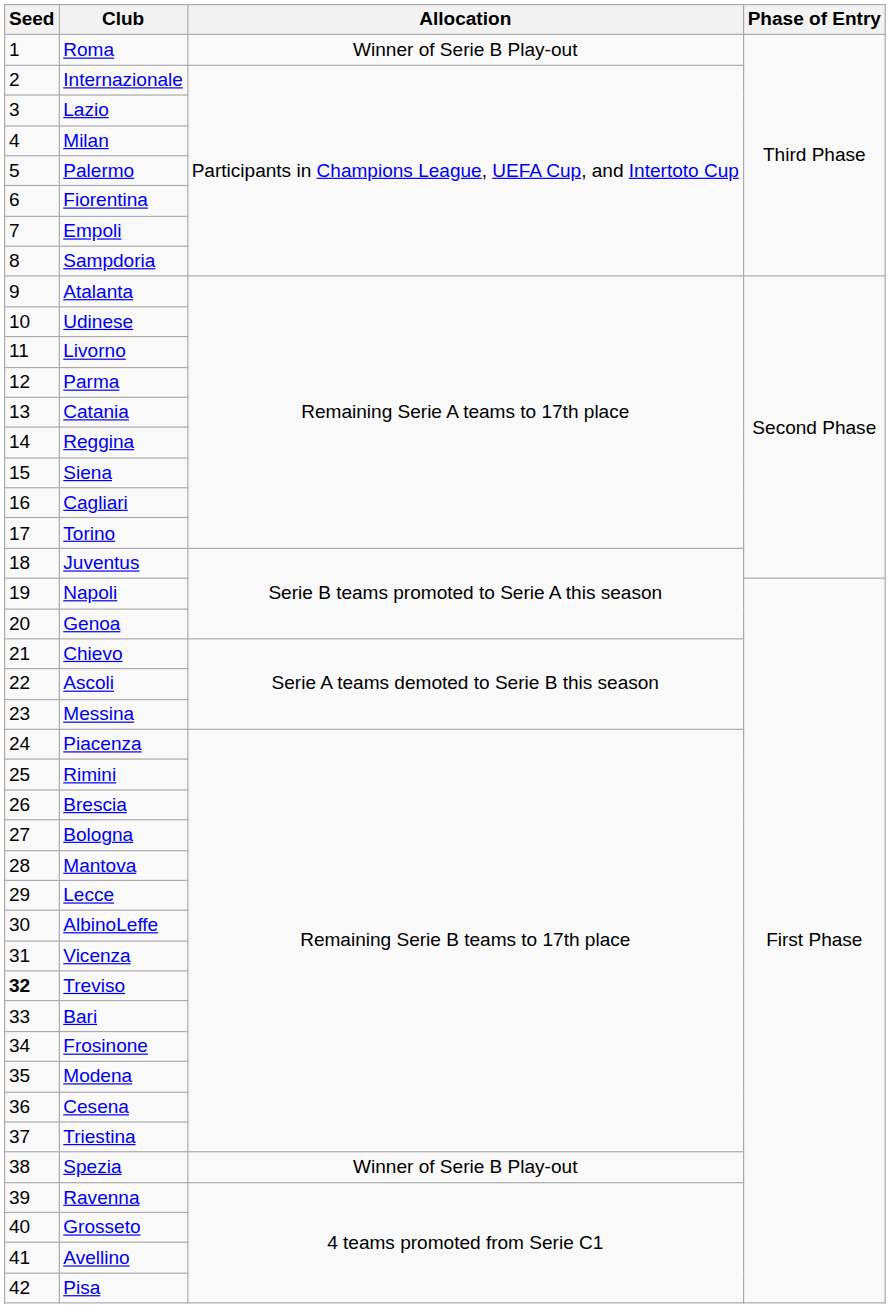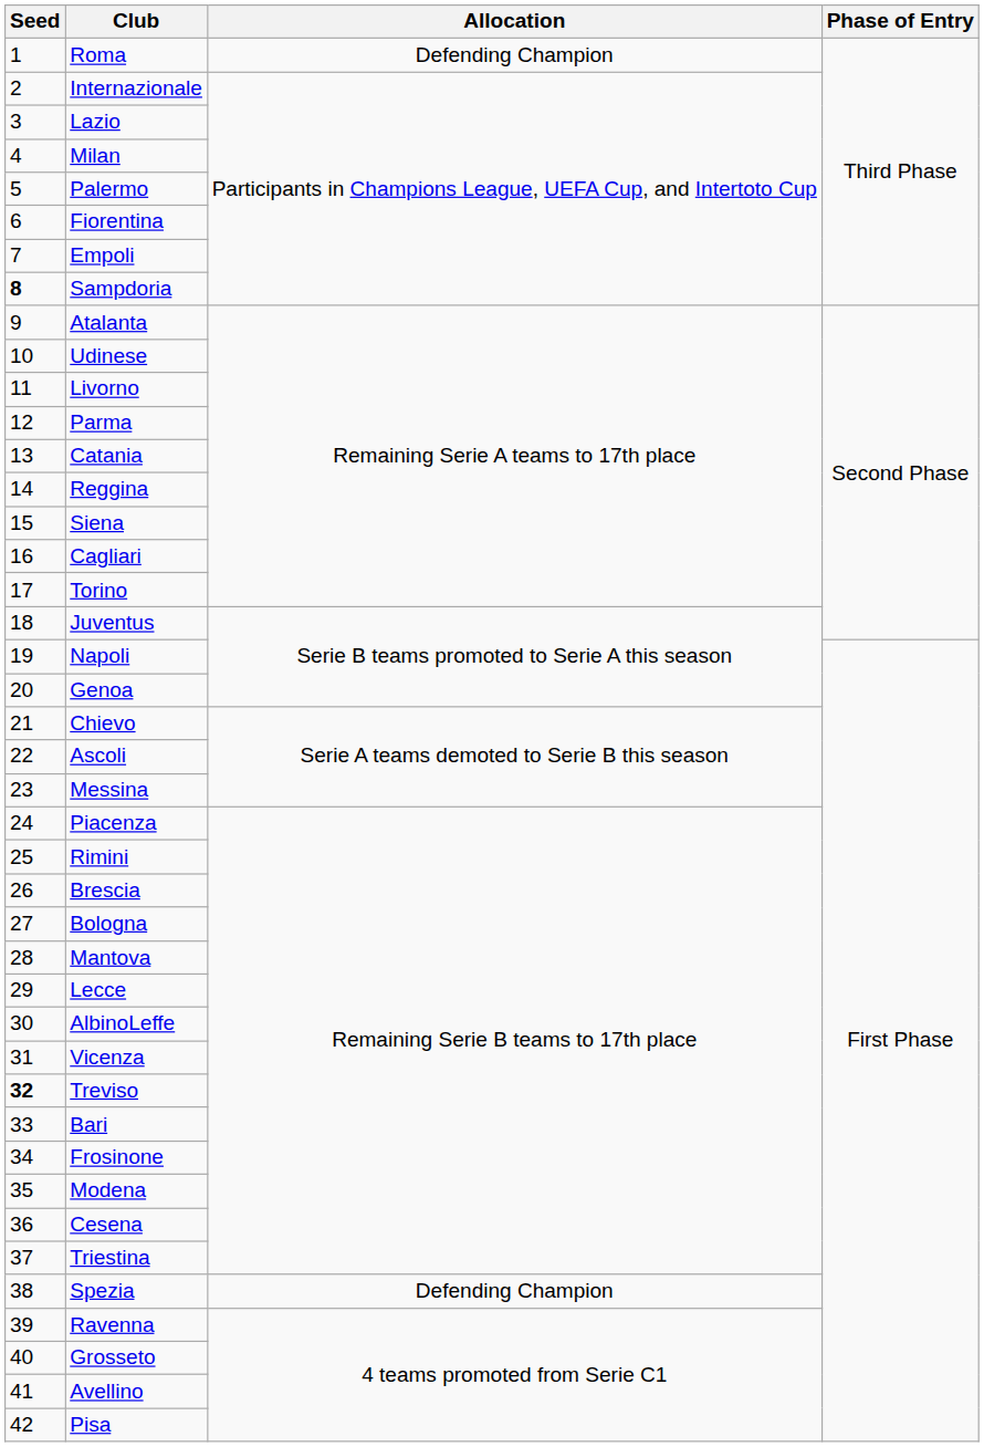 <table class="wikitable">
 <tr>
 <th>Seed</th>
 <th>Club</th>
 <th>Allocation</th>
 <th>Phase of Entry</th>
 </tr>
 <tr>
 <td>1</td>
 <td><a href='#'>Roma</a></td>
-<td style="text-align:center">Winner of Serie B Play-out</td>
+<td style="text-align:center">Defending Champion</td>
 <td rowspan="8" style="text-align:center">Third Phase</td>
 </tr>
 <tr>
 <td>2</td>
 <td><a href='#'>Internazionale</a></td>
 <td rowspan="7" style="text-align:center">Participants in <a href='#'>Champions League</a>, <a href='#'>UEFA Cup</a>, and <a href='#'>Intertoto Cup</a></td>
 </tr>
 <tr>
 <td>3</td>
 <td><a href='#'>Lazio</a></td>
 </tr>
 <tr>
 <td>4</td>
 <td><a href='#'>Milan</a></td>
 </tr>
 <tr>
 <td>5</td>
 <td><a href='#'>Palermo</a></td>
 </tr>
 <tr>
 <td>6</td>
 <td><a href='#'>Fiorentina</a></td>
 </tr>
 <tr>
 <td>7</td>
 <td><a href='#'>Empoli</a></td>
 </tr>
 <tr>
-<td>8</td>
+<td><strong>8</strong></td>
 <td><a href='#'>Sampdoria</a></td>
 </tr>
 <tr>
 <td>9</td>
 <td><a href='#'>Atalanta</a></td>
 <td rowspan="9" style="text-align:center">Remaining Serie A teams to 17th place</td>
 <td rowspan="10" style="text-align:center">Second Phase</td>
 </tr>
 <tr>
 <td>10</td>
 <td><a href='#'>Udinese</a></td>
 </tr>
 <tr>
 <td>11</td>
 <td><a href='#'>Livorno</a></td>
 </tr>
 <tr>
 <td>12</td>
 <td><a href='#'>Parma</a></td>
 </tr>
 <tr>
 <td>13</td>
 <td><a href='#'>Catania</a></td>
 </tr>
 <tr>
 <td>14</td>
 <td><a href='#'>Reggina</a></td>
 </tr>
 <tr>
 <td>15</td>
 <td><a href='#'>Siena</a></td>
 </tr>
 <tr>
 <td>16</td>
 <td><a href='#'>Cagliari</a></td>
 </tr>
 <tr>
 <td>17</td>
 <td><a href='#'>Torino</a></td>
 </tr>
 <tr>
 <td>18</td>
 <td><a href='#'>Juventus</a></td>
 <td rowspan="3" style="text-align:center">Serie B teams promoted to Serie A this season</td>
 </tr>
 <tr>
 <td>19</td>
 <td><a href='#'>Napoli</a></td>
 <td rowspan="24" style="text-align:center">First Phase</td>
 </tr>
 <tr>
 <td>20</td>
 <td><a href='#'>Genoa</a></td>
 </tr>
 <tr>
 <td>21</td>
 <td><a href='#'>Chievo</a></td>
 <td rowspan="3" style="text-align:center">Serie A teams demoted to Serie B this season</td>
 </tr>
 <tr>
 <td>22</td>
 <td><a href='#'>Ascoli</a></td>
 </tr>
 <tr>
 <td>23</td>
 <td><a href='#'>Messina</a></td>
 </tr>
 <tr>
 <td>24</td>
 <td><a href='#'>Piacenza</a></td>
 <td rowspan="14" style="text-align:center">Remaining Serie B teams to 17th place</td>
 </tr>
 <tr>
 <td>25</td>
 <td><a href='#'>Rimini</a></td>
 </tr>
 <tr>
 <td>26</td>
 <td><a href='#'>Brescia</a></td>
 </tr>
 <tr>
 <td>27</td>
 <td><a href='#'>Bologna</a></td>
 </tr>
 <tr>
 <td>28</td>
 <td><a href='#'>Mantova</a></td>
 </tr>
 <tr>
 <td>29</td>
 <td><a href='#'>Lecce</a></td>
 </tr>
 <tr>
 <td>30</td>
 <td><a href='#'>AlbinoLeffe</a></td>
 </tr>
 <tr>
 <td>31</td>
 <td><a href='#'>Vicenza</a></td>
 </tr>
 <tr>
 <td><strong>32</strong></td>
 <td><a href='#'>Treviso</a></td>
 </tr>
 <tr>
 <td>33</td>
 <td><a href='#'>Bari</a></td>
 </tr>
 <tr>
 <td>34</td>
 <td><a href='#'>Frosinone</a></td>
 </tr>
 <tr>
 <td>35</td>
 <td><a href='#'>Modena</a></td>
 </tr>
 <tr>
 <td>36</td>
 <td><a href='#'>Cesena</a></td>
 </tr>
 <tr>
 <td>37</td>
 <td><a href='#'>Triestina</a></td>
 </tr>
 <tr>
 <td>38</td>
 <td><a href='#'>Spezia</a></td>
-<td style="text-align:center">Winner of Serie B Play-out</td>
+<td style="text-align:center">Defending Champion</td>
 </tr>
 <tr>
 <td>39</td>
 <td><a href='#'>Ravenna</a></td>
 <td rowspan="4" style="text-align:center">4 teams promoted from Serie C1</td>
 </tr>
 <tr>
 <td>40</td>
 <td><a href='#'>Grosseto</a></td>
 </tr>
 <tr>
 <td>41</td>
 <td><a href='#'>Avellino</a></td>
 </tr>
 <tr>
 <td>42</td>
 <td><a href='#'>Pisa</a></td>
 </tr>
 </table>
